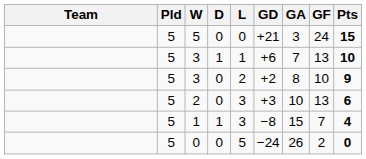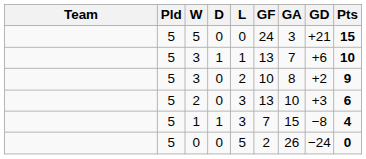 <table class=wikitable style="text-align:center">
 <tr>
 <th width=175>Team</th>
 <th width=20>Pld</th>
 <th width=20>W</th>
 <th width=20>D</th>
 <th width=20>L</th>
+<th width=20>GF</th>
+<th width=20>GA</th>
 <th width=20>GD</th>
-<th width=20>GA</th>
-<th width=20>GF</th>
 <th width=20>Pts</th>
 </tr>
 <tr>
 <td style="text-align:left"></td>
 <td>5</td>
 <td>5</td>
 <td>0</td>
 <td>0</td>
+<td>24</td>
+<td>3</td>
 <td>+21</td>
-<td>3</td>
-<td>24</td>
 <td><strong>15</strong></td>
 </tr>
 <tr>
 <td style="text-align:left"></td>
 <td>5</td>
 <td>3</td>
 <td>1</td>
 <td>1</td>
+<td>13</td>
+<td>7</td>
 <td>+6</td>
-<td>7</td>
-<td>13</td>
 <td><strong>10</strong></td>
 </tr>
 <tr>
 <td style="text-align:left"></td>
 <td>5</td>
 <td>3</td>
 <td>0</td>
 <td>2</td>
+<td>10</td>
+<td>8</td>
 <td>+2</td>
-<td>8</td>
-<td>10</td>
 <td><strong>9</strong></td>
 </tr>
 <tr>
 <td style="text-align:left"></td>
 <td>5</td>
 <td>2</td>
 <td>0</td>
 <td>3</td>
+<td>13</td>
+<td>10</td>
 <td>+3</td>
-<td>10</td>
-<td>13</td>
 <td><strong>6</strong></td>
 </tr>
 <tr>
 <td style="text-align:left"></td>
 <td>5</td>
 <td>1</td>
 <td>1</td>
 <td>3</td>
+<td>7</td>
+<td>15</td>
 <td>−8</td>
-<td>15</td>
-<td>7</td>
 <td><strong>4</strong></td>
 </tr>
 <tr>
 <td style="text-align:left"></td>
 <td>5</td>
 <td>0</td>
 <td>0</td>
 <td>5</td>
+<td>2</td>
+<td>26</td>
 <td>−24</td>
-<td>26</td>
-<td>2</td>
 <td><strong>0</strong></td>
 </tr>
 </table>
